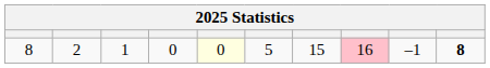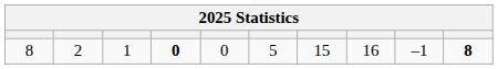 <table class="wikitable" style="text-align: center;">
 <tr>
 <th colspan=10><strong>2025 Statistics</strong></th>
 </tr>
 <tr>
 <th style="width: 40px;"></th>
 <th style="width: 40px;"></th>
 <th style="width: 40px;"></th>
 <th style="width: 40px;"></th>
 <th style="width: 40px;"></th>
 <th style="width: 40px;"></th>
 <th style="width: 40px;"></th>
 <th style="width: 40px;"></th>
 <th style="width: 40px;"></th>
 <th style="width: 40px;"></th>
 </tr>
 <tr>
 <td>8</td>
 <td>2</td>
 <td>1</td>
+<td><strong>0</strong></td>
 <td>0</td>
-<td style="background: lightyellow;">0</td>
 <td>5</td>
 <td>15</td>
-<td style="background: pink;">16</td>
+<td>16</td>
 <td>–1</td>
 <td><strong>8</strong></td>
 </tr>
 </table>
